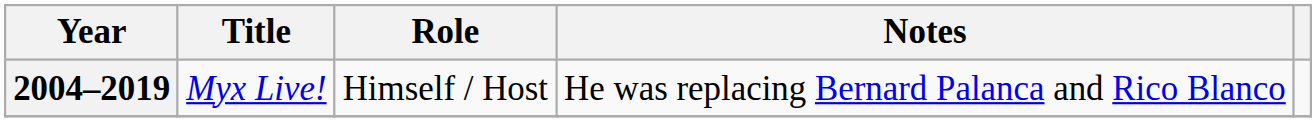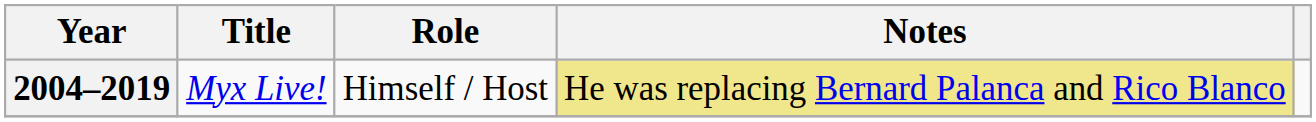 <table class="wikitable sortable plainrowheaders">
 <tr>
 <th scope="col">Year</th>
 <th scope="col">Title</th>
 <th scope="col">Role</th>
 <th scope="col">Notes</th>
 <th scope="col" class="unsortable"></th>
 </tr>
 <tr>
 <th scope=row>2004–2019</th>
 <td><em><a href='#'>Myx Live!</a></em></td>
 <td>Himself / Host</td>
-<td>He was replacing <a href='#'>Bernard Palanca</a> and <a href='#'>Rico Blanco</a></td>
+<td style="background: khaki;">He was replacing <a href='#'>Bernard Palanca</a> and <a href='#'>Rico Blanco</a></td>
 <td></td>
 </tr>
 <tr>
 </tr>
 </table>
